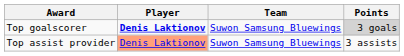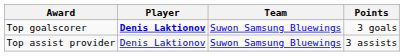 <table class="wikitable">
 <tr>
 <th>Award</th>
 <th>Player</th>
 <th>Team</th>
 <th>Points</th>
 </tr>
 <tr>
 <td>Top goalscorer</td>
 <td><strong> <a href='#'>Denis Laktionov</a></strong></td>
 <td><a href='#'>Suwon Samsung Bluewings</a></td>
-<td align="right" style="background: lightgrey;">3 goals</td>
+<td align="right">3 goals</td>
 </tr>
 <tr>
 <td>Top assist provider</td>
-<td style="background: lightsalmon;"> <a href='#'>Denis Laktionov</a></td>
+<td> <a href='#'>Denis Laktionov</a></td>
 <td><a href='#'>Suwon Samsung Bluewings</a></td>
 <td rowspan="2" align="right">3 assists</td>
 </tr>
 </table>
